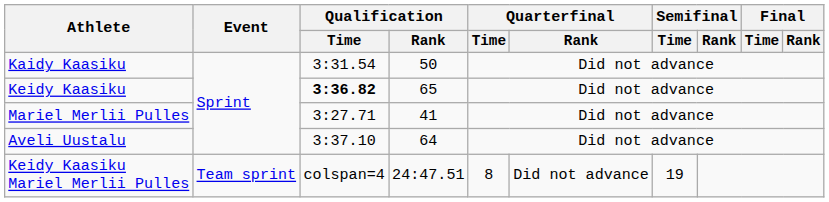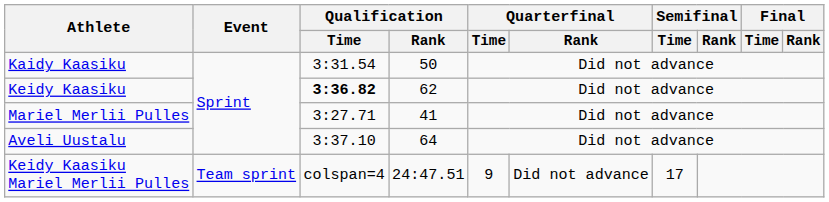 <table class=wikitable style=font-size:90%;text-align:center>
 <tr>
 <th rowspan=2>Athlete</th>
 <th rowspan=2>Event</th>
 <th colspan=2>Qualification</th>
 <th colspan=2>Quarterfinal</th>
 <th colspan=2>Semifinal</th>
 <th colspan=2>Final</th>
 </tr>
 <tr style=font-size:95%>
 <th>Time</th>
 <th>Rank</th>
 <th>Time</th>
 <th>Rank</th>
 <th>Time</th>
 <th>Rank</th>
 <th>Time</th>
 <th>Rank</th>
 </tr>
 <tr>
 <td align=left><a href='#'>Kaidy Kaasiku</a></td>
 <td align=left rowspan=4><a href='#'>Sprint</a></td>
 <td>3:31.54</td>
 <td>50</td>
 <td colspan=6>Did not advance</td>
 </tr>
 <tr>
 <td align=left><a href='#'>Keidy Kaasiku</a></td>
 <td><strong>3:36.82</strong></td>
-<td>65</td>
+<td>62</td>
 <td colspan=6>Did not advance</td>
 </tr>
 <tr>
 <td align=left><a href='#'>Mariel Merlii Pulles</a></td>
 <td>3:27.71</td>
 <td>41</td>
 <td colspan=6>Did not advance</td>
 </tr>
 <tr>
 <td align=left><a href='#'>Aveli Uustalu</a></td>
 <td>3:37.10</td>
 <td>64</td>
 <td colspan=6>Did not advance</td>
 </tr>
 <tr align=center>
 <td align=left><a href='#'>Keidy Kaasiku</a><br><a href='#'>Mariel Merlii Pulles</a></td>
 <td align=left><a href='#'>Team sprint</a></td>
 <td>colspan=4 </td>
 <td>24:47.51</td>
-<td>8</td>
+<td>9</td>
 <td>Did not advance</td>
-<td>19</td>
+<td>17</td>
 </tr>
 </table>
